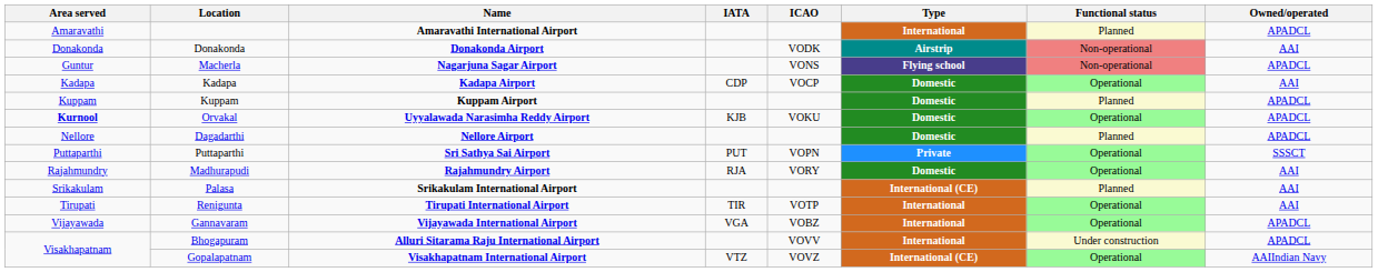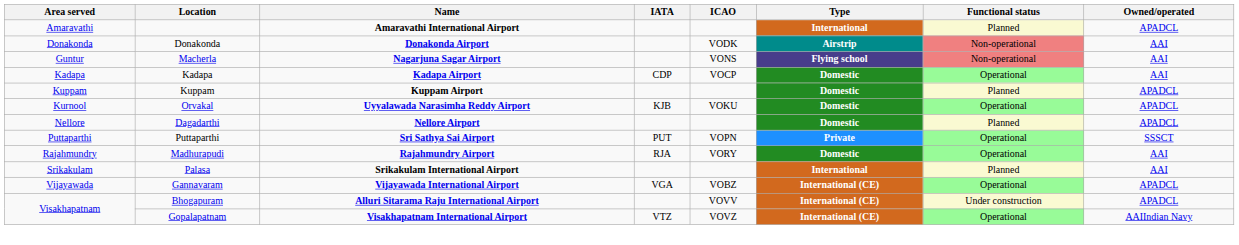 <table class="wikitable sortable" style="width:100%;">
 <tr>
 <th scope="col">Area served</th>
 <th scope="col">Location</th>
 <th scope="col">Name</th>
 <th scope="col">IATA</th>
 <th scope="col">ICAO</th>
 <th scope="col">Type</th>
 <th scope="col">Functional status</th>
 <th scope="col">Owned/operated</th>
 </tr>
 <tr align="center">
 <td><a href='#'>Amaravathi</a></td>
 <td></td>
 <td><strong>Amaravathi International Airport</strong></td>
 <td></td>
 <td></td>
 <td style="background:Chocolate; color:White;"><strong>International</strong></td>
 <td style="background:LightGoldenRodYellow; color:black;">Planned</td>
 <td><a href='#'>APADCL</a></td>
 </tr>
 <tr align="center">
 <td><a href='#'>Donakonda</a></td>
 <td>Donakonda</td>
 <td><strong><a href='#'>Donakonda Airport</a></strong></td>
 <td></td>
 <td>VODK</td>
 <td style="background:DarkCyan; color:white;"><strong>Airstrip</strong></td>
 <td style="background:LightCoral; color:black;">Non-operational</td>
 <td><a href='#'>AAI</a></td>
 </tr>
 <tr align="center">
 <td><a href='#'>Guntur</a></td>
 <td><a href='#'>Macherla</a></td>
 <td><strong><a href='#'>Nagarjuna Sagar Airport</a></strong></td>
 <td></td>
 <td>VONS</td>
 <td style="background:DarkSlateBlue; color:white;"><strong>Flying school</strong></td>
 <td style="background:LightCoral; color:black;">Non-operational</td>
-<td><a href='#'>APADCL</a></td>
+<td><a href='#'>AAI</a></td>
 </tr>
 <tr align="center">
 <td><a href='#'>Kadapa</a></td>
 <td>Kadapa</td>
 <td><strong><a href='#'>Kadapa Airport</a></strong></td>
 <td>CDP</td>
 <td>VOCP</td>
 <td style="background:ForestGreen; color:white;"><strong>Domestic</strong></td>
 <td style="background:PaleGreen; color:black;">Operational</td>
 <td><a href='#'>AAI</a></td>
 </tr>
 <tr align="center">
 <td><a href='#'>Kuppam</a></td>
 <td>Kuppam</td>
 <td><strong>Kuppam Airport</strong></td>
 <td></td>
 <td></td>
 <td style="background:ForestGreen; color:white;"><strong>Domestic</strong></td>
 <td style="background:LightGoldenRodYellow; color:black;">Planned</td>
 <td><a href='#'>APADCL</a></td>
 </tr>
 <tr align="center">
-<td><strong><a href='#'>Kurnool</a></strong></td>
+<td><a href='#'>Kurnool</a></td>
 <td><a href='#'>Orvakal</a></td>
 <td><strong><a href='#'>Uyyalawada Narasimha Reddy Airport</a></strong></td>
 <td>KJB</td>
 <td>VOKU</td>
 <td style="background:ForestGreen; color:white;"><strong>Domestic</strong></td>
 <td style="background:PaleGreen; color:black;">Operational</td>
 <td><a href='#'>APADCL</a></td>
 </tr>
 <tr align="center">
 <td><a href='#'>Nellore</a></td>
 <td><a href='#'>Dagadarthi</a></td>
 <td><strong><a href='#'>Nellore Airport</a></strong></td>
 <td></td>
 <td></td>
 <td style="background:ForestGreen; color:white;"><strong>Domestic</strong></td>
 <td style="background:LightGoldenRodYellow; color:black;">Planned</td>
 <td><a href='#'>APADCL</a></td>
 </tr>
 <tr align="center">
 <td><a href='#'>Puttaparthi</a></td>
 <td>Puttaparthi</td>
 <td><strong><a href='#'>Sri Sathya Sai Airport</a></strong></td>
 <td>PUT</td>
 <td>VOPN</td>
 <td style="background:DodgerBlue; color:white;"><strong>Private</strong></td>
 <td style="background:PaleGreen; color:black;">Operational</td>
 <td><a href='#'>SSSCT</a></td>
 </tr>
 <tr align="center">
 <td><a href='#'>Rajahmundry</a></td>
 <td><a href='#'>Madhurapudi</a></td>
 <td><strong><a href='#'>Rajahmundry Airport</a></strong></td>
 <td>RJA</td>
 <td>VORY</td>
 <td style="background:ForestGreen; color:white;"><strong>Domestic</strong></td>
 <td style="background:PaleGreen; color:black;">Operational</td>
 <td><a href='#'>AAI</a></td>
 </tr>
 <tr align="center">
 <td><a href='#'>Srikakulam</a></td>
 <td><a href='#'>Palasa</a></td>
 <td><strong>Srikakulam International Airport</strong></td>
 <td></td>
 <td></td>
-<td style="background:Chocolate; color:White;"><strong>International (CE)</strong></td>
+<td style="background:Chocolate; color:White;"><strong>International</strong></td>
 <td style="background:LightGoldenRodYellow; color:black;">Planned</td>
-<td><a href='#'>AAI</a></td>
-</tr>
-<tr align="center">
-<td><a href='#'>Tirupati</a></td>
-<td><a href='#'>Renigunta</a></td>
-<td><strong><a href='#'>Tirupati International Airport</a></strong></td>
-<td>TIR</td>
-<td>VOTP</td>
-<td style="background:Chocolate; color:White;"><strong>International</strong></td>
-<td style="background:PaleGreen; color:black;">Operational</td>
 <td><a href='#'>AAI</a></td>
 </tr>
 <tr align="center">
 <td><a href='#'>Vijayawada</a></td>
 <td><a href='#'>Gannavaram</a></td>
 <td><strong><a href='#'>Vijayawada International Airport</a></strong></td>
 <td>VGA</td>
 <td>VOBZ</td>
-<td style="background:Chocolate; color:White;"><strong>International</strong></td>
+<td style="background:Chocolate; color:White;"><strong>International (CE)</strong></td>
 <td style="background:PaleGreen; color:black;">Operational</td>
 <td><a href='#'>APADCL</a></td>
 </tr>
 <tr align="center">
 <td rowspan="2"><a href='#'>Visakhapatnam</a></td>
 <td><a href='#'>Bhogapuram</a></td>
 <td><strong><a href='#'>Alluri Sitarama Raju International Airport</a></strong></td>
 <td></td>
 <td>VOVV</td>
-<td style="background:Chocolate; color:White;"><strong>International</strong></td>
+<td style="background:Chocolate; color:White;"><strong>International (CE)</strong></td>
 <td style="background:LightGoldenRodYellow; color:black;">Under construction</td>
 <td><a href='#'>APADCL</a></td>
 </tr>
 <tr align="center">
 <td><a href='#'>Gopalapatnam</a></td>
 <td><strong><a href='#'>Visakhapatnam International Airport</a></strong></td>
 <td>VTZ</td>
 <td>VOVZ</td>
 <td style="background:Chocolate; color:White;"><strong>International (CE)</strong></td>
 <td style="background:PaleGreen; color:black;">Operational</td>
 <td><a href='#'>AAI</a><a href='#'>Indian Navy</a></td>
 </tr>
 </table>
